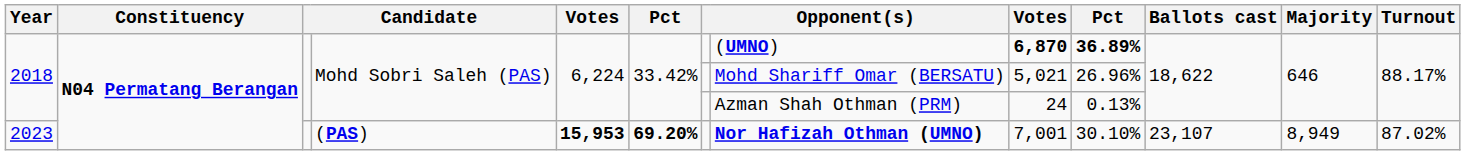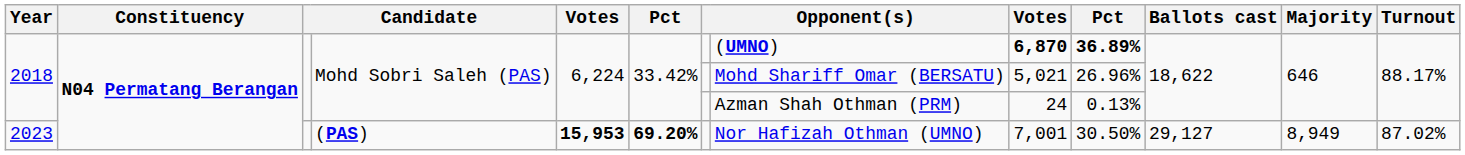 <table class="wikitable" style="margin:0.5em ; font-size:95%">
 <tr>
 <th>Year</th>
 <th>Constituency</th>
 <th colspan=2>Candidate</th>
 <th>Votes</th>
 <th>Pct</th>
 <th colspan=2>Opponent(s)</th>
 <th>Votes</th>
 <th>Pct</th>
 <th>Ballots cast</th>
 <th>Majority</th>
 <th>Turnout</th>
 </tr>
 <tr>
 <td rowspan="3"><a href='#'>2018</a></td>
 <td rowspan="4"><strong>N04 <a href='#'>Permatang Berangan</a></strong></td>
 <td rowspan="3" ></td>
 <td rowspan="3">Mohd Sobri Saleh (<a href='#'>PAS</a>)</td>
 <td rowspan="3" align=right>6,224</td>
 <td rowspan="3">33.42%</td>
 <td></td>
 <td> (<a href='#'><strong>UMNO</strong></a>)</td>
 <td align=right><strong>6,870</strong></td>
 <td><strong>36.89%</strong></td>
 <td rowspan="3">18,622</td>
 <td rowspan="3">646</td>
 <td rowspan="3">88.17%</td>
 </tr>
 <tr>
 <td></td>
 <td><a href='#'>Mohd Shariff Omar</a> (<a href='#'>BERSATU</a>)</td>
 <td align=right>5,021</td>
 <td>26.96%</td>
 </tr>
 <tr>
 <td bgcolor=></td>
 <td>Azman Shah Othman (<a href='#'>PRM</a>)</td>
 <td align=right>24</td>
 <td align=right>0.13%</td>
 </tr>
 <tr>
 <td><a href='#'>2023</a></td>
 <td></td>
 <td> (<a href='#'><strong>PAS</strong></a>)</td>
 <td align=right><strong>15,953</strong></td>
 <td><strong>69.20%</strong></td>
 <td></td>
-<td><strong><a href='#'>Nor Hafizah Othman</a> (<a href='#'>UMNO</a>)</strong></td>
+<td><a href='#'>Nor Hafizah Othman</a> (<a href='#'>UMNO</a>)</td>
 <td align=right>7,001</td>
-<td>30.10%</td>
-<td>23,107</td>
+<td>30.50%</td>
+<td>29,127</td>
 <td>8,949</td>
 <td>87.02%</td>
 </tr>
 </table>
